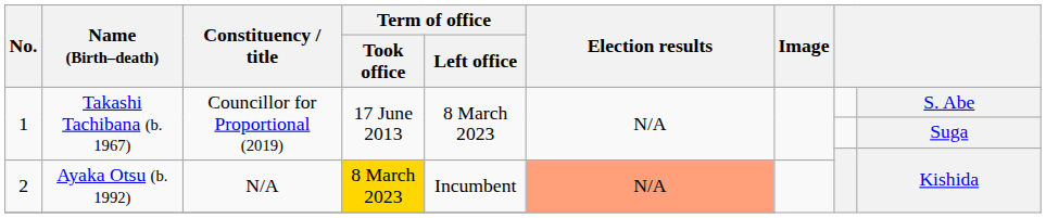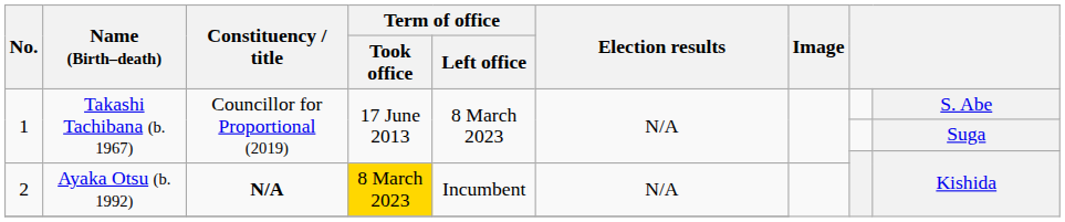 <table class="wikitable"  style="text-align:center">
 <tr>
 <th rowspan=2>No.</th>
 <th rowspan=2>Name<br><small>(Birth–death)</small></th>
 <th rowspan=2>Constituency / title</th>
 <th colspan=2>Term of office</th>
 <th rowspan=2 width=200>Election results</th>
 <th rowspan=2>Image</th>
 <th colspan="2" style="width:20%;" rowspan="2"><a href='#'></a> </th>
 </tr>
 <tr>
 <th>Took office</th>
 <th>Left office</th>
 </tr>
 <tr>
 <td rowspan=3>1</td>
 <td rowspan=3><a href='#'>Takashi Tachibana</a> <small>(b. 1967)</small></td>
 <td rowspan=3>Councillor for <a href='#'>Proportional</a><br><small>(2019)</small></td>
 <td rowspan=3>17 June 2013</td>
 <td rowspan=3>8 March 2023</td>
 <td rowspan=3>N/A</td>
 <td rowspan=3></td>
 <td style="background-color: "></td>
 <th style="font-weight:normal"><a href='#'>S. Abe</a> <small></small></th>
 </tr>
 <tr>
 <td style="background-color: "></td>
 <th style="font-weight:normal"><a href='#'>Suga</a> <small></small></th>
 </tr>
 <tr>
 <th rowspan=3 style="background-color: "></th>
 <th rowspan="3" style="font-weight:normal"><a href='#'>Kishida</a> <small></small></th>
 </tr>
 <tr>
 <td>2</td>
 <td><a href='#'>Ayaka Otsu</a> <small>(b. 1992)</small></td>
-<td>N/A</td>
+<td><strong>N/A</strong></td>
 <td style="background: gold;">8 March 2023</td>
 <td>Incumbent</td>
-<td style="background: lightsalmon;">N/A</td>
+<td>N/A</td>
 </tr>
 <tr>
 </tr>
 </table>
